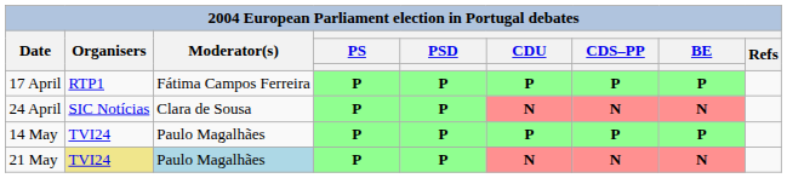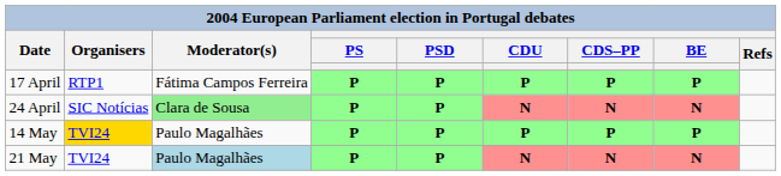 <table class="wikitable" style="font-size:98%; text-align:center;">
 <tr>
 <th style="background:#B0C4DE" colspan="19">2004 European Parliament election in Portugal debates</th>
 </tr>
 <tr>
 <th rowspan="3">Date</th>
 <th rowspan="3">Organisers</th>
 <th rowspan="3">Moderator(s)</th>
 <th colspan="19">      </th>
 </tr>
 <tr>
 <th scope="col" style="width:5em;"><a href='#'>PS</a><br></th>
 <th scope="col" style="width:5em;"><a href='#'>PSD</a><br></th>
 <th scope="col" style="width:5em;"><a href='#'>CDU</a><br></th>
 <th scope="col" style="width:5em;"><a href='#'>CDS–PP</a><br></th>
 <th scope="col" style="width:5em;"><a href='#'>BE</a><br></th>
 <th rowspan="2">Refs</th>
 </tr>
 <tr>
 <th style="color:inherit;background:"></th>
 <th style="color:inherit;background:"></th>
 <th style="color:inherit;background:"></th>
 <th style="color:inherit;background:"></th>
 <th style="color:inherit;background:"></th>
 </tr>
 <tr>
 <td style="white-space:nowrap; text-align:left;">17 April</td>
 <td style="white-space:nowrap; text-align:left;"><a href='#'>RTP1</a></td>
 <td style="white-space:nowrap; text-align:left;">Fátima Campos Ferreira</td>
 <td style="background:#90FF90;"><strong>P</strong></td>
 <td style="background:#90FF90;"><strong>P</strong></td>
 <td style="background:#90FF90;"><strong>P</strong></td>
 <td style="background:#90FF90;"><strong>P</strong></td>
 <td style="background:#90FF90;"><strong>P</strong></td>
 <td></td>
 </tr>
 <tr>
 <td style="white-space:nowrap; text-align:left;">24 April</td>
 <td style="white-space:nowrap; text-align:left;"><a href='#'>SIC Notícias</a></td>
-<td style="white-space:nowrap; text-align:left;">Clara de Sousa</td>
+<td style="background: lightgreen; white-space:nowrap; text-align:left;">Clara de Sousa</td>
 <td style="background:#90FF90;"><strong>P</strong></td>
 <td style="background:#90FF90;"><strong>P</strong></td>
 <td style="background:#FF9090;"><strong>N</strong></td>
 <td style="background:#FF9090;"><strong>N</strong></td>
 <td style="background:#FF9090;"><strong>N</strong></td>
 <td></td>
 </tr>
 <tr>
 <td style="white-space:nowrap; text-align:left;">14 May</td>
-<td style="white-space:nowrap; text-align:left;"><a href='#'>TVI24</a></td>
+<td style="background: gold; white-space:nowrap; text-align:left;"><a href='#'>TVI24</a></td>
 <td style="white-space:nowrap; text-align:left;">Paulo Magalhães</td>
 <td style="background:#90FF90;"><strong>P</strong></td>
 <td style="background:#90FF90;"><strong>P</strong></td>
 <td style="background:#90FF90;"><strong>P</strong></td>
 <td style="background:#90FF90;"><strong>P</strong></td>
 <td style="background:#90FF90;"><strong>P</strong></td>
 <td></td>
 </tr>
 <tr>
 <td style="white-space:nowrap; text-align:left;">21 May</td>
-<td style="background: khaki; white-space:nowrap; text-align:left;"><a href='#'>TVI24</a></td>
+<td style="white-space:nowrap; text-align:left;"><a href='#'>TVI24</a></td>
 <td style="background: lightblue; white-space:nowrap; text-align:left;">Paulo Magalhães</td>
 <td style="background:#90FF90;"><strong>P</strong></td>
 <td style="background:#90FF90;"><strong>P</strong></td>
 <td style="background:#FF9090;"><strong>N</strong></td>
 <td style="background:#FF9090;"><strong>N</strong></td>
 <td style="background:#FF9090;"><strong>N</strong></td>
 <td></td>
 </tr>
 </table>
